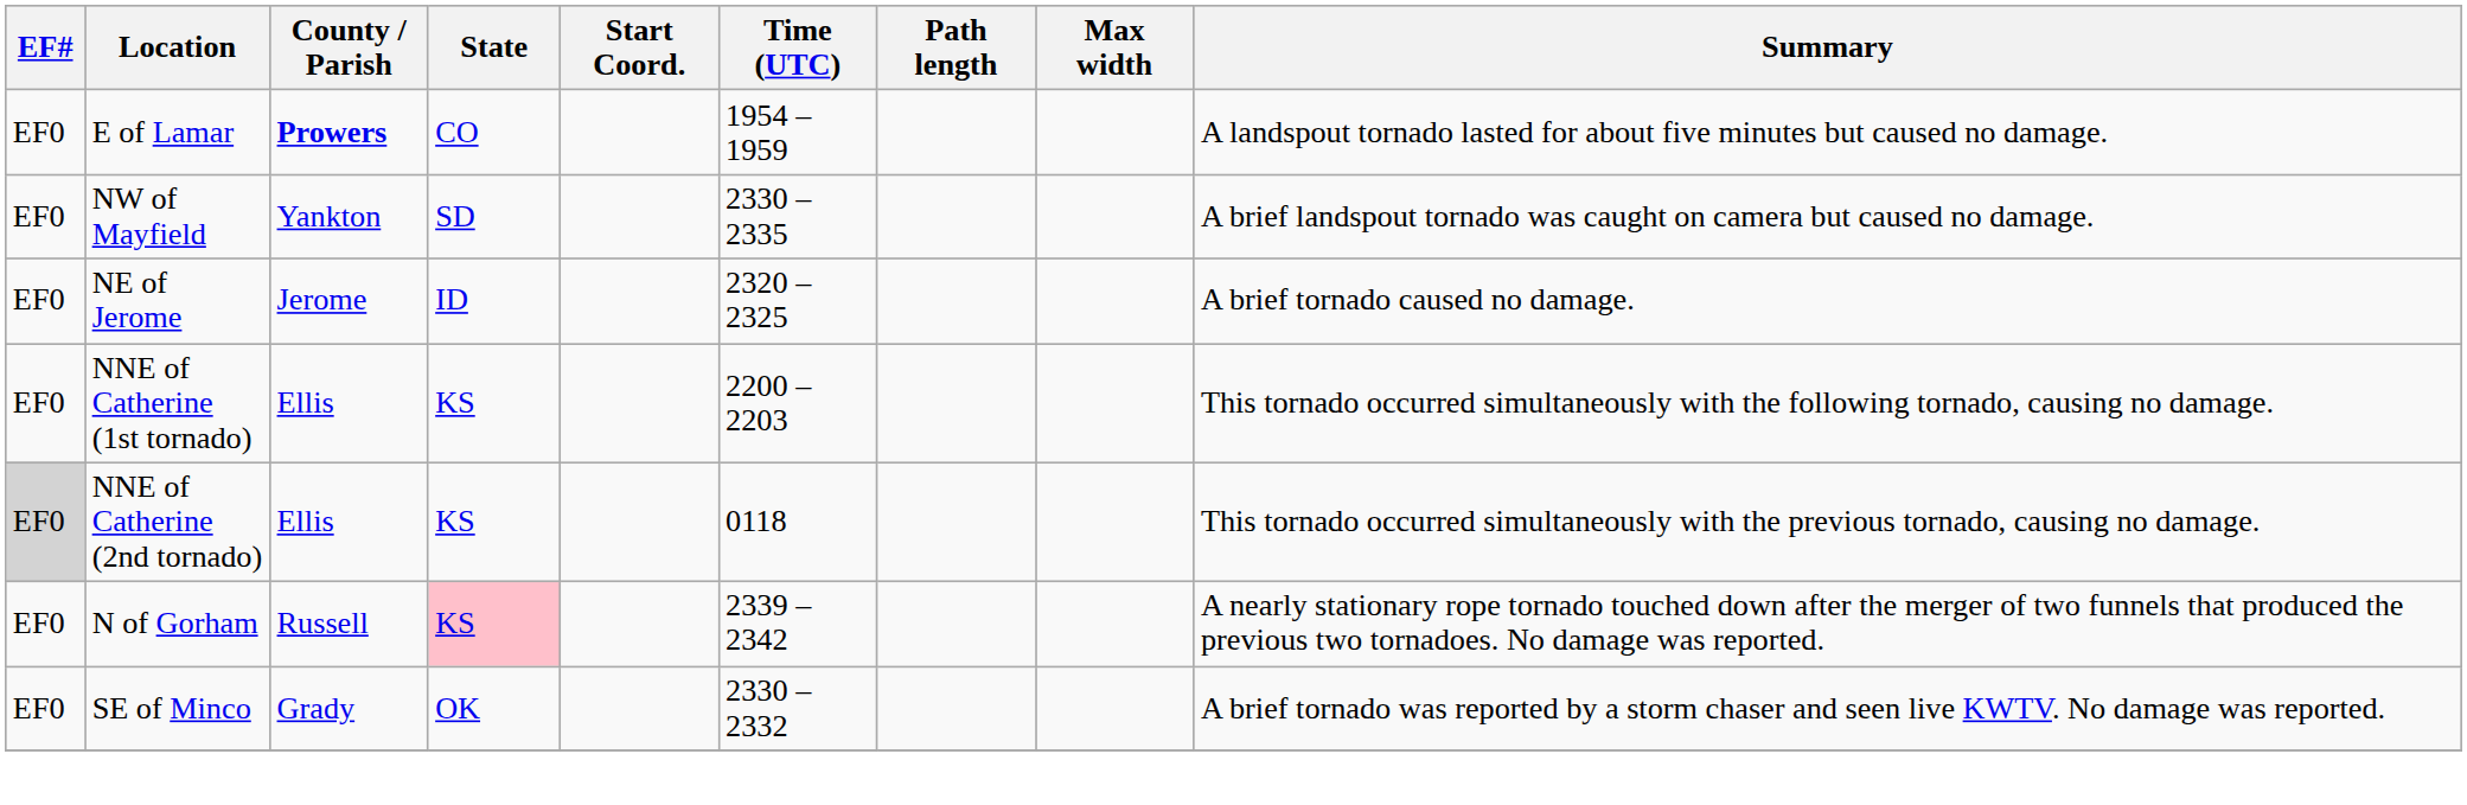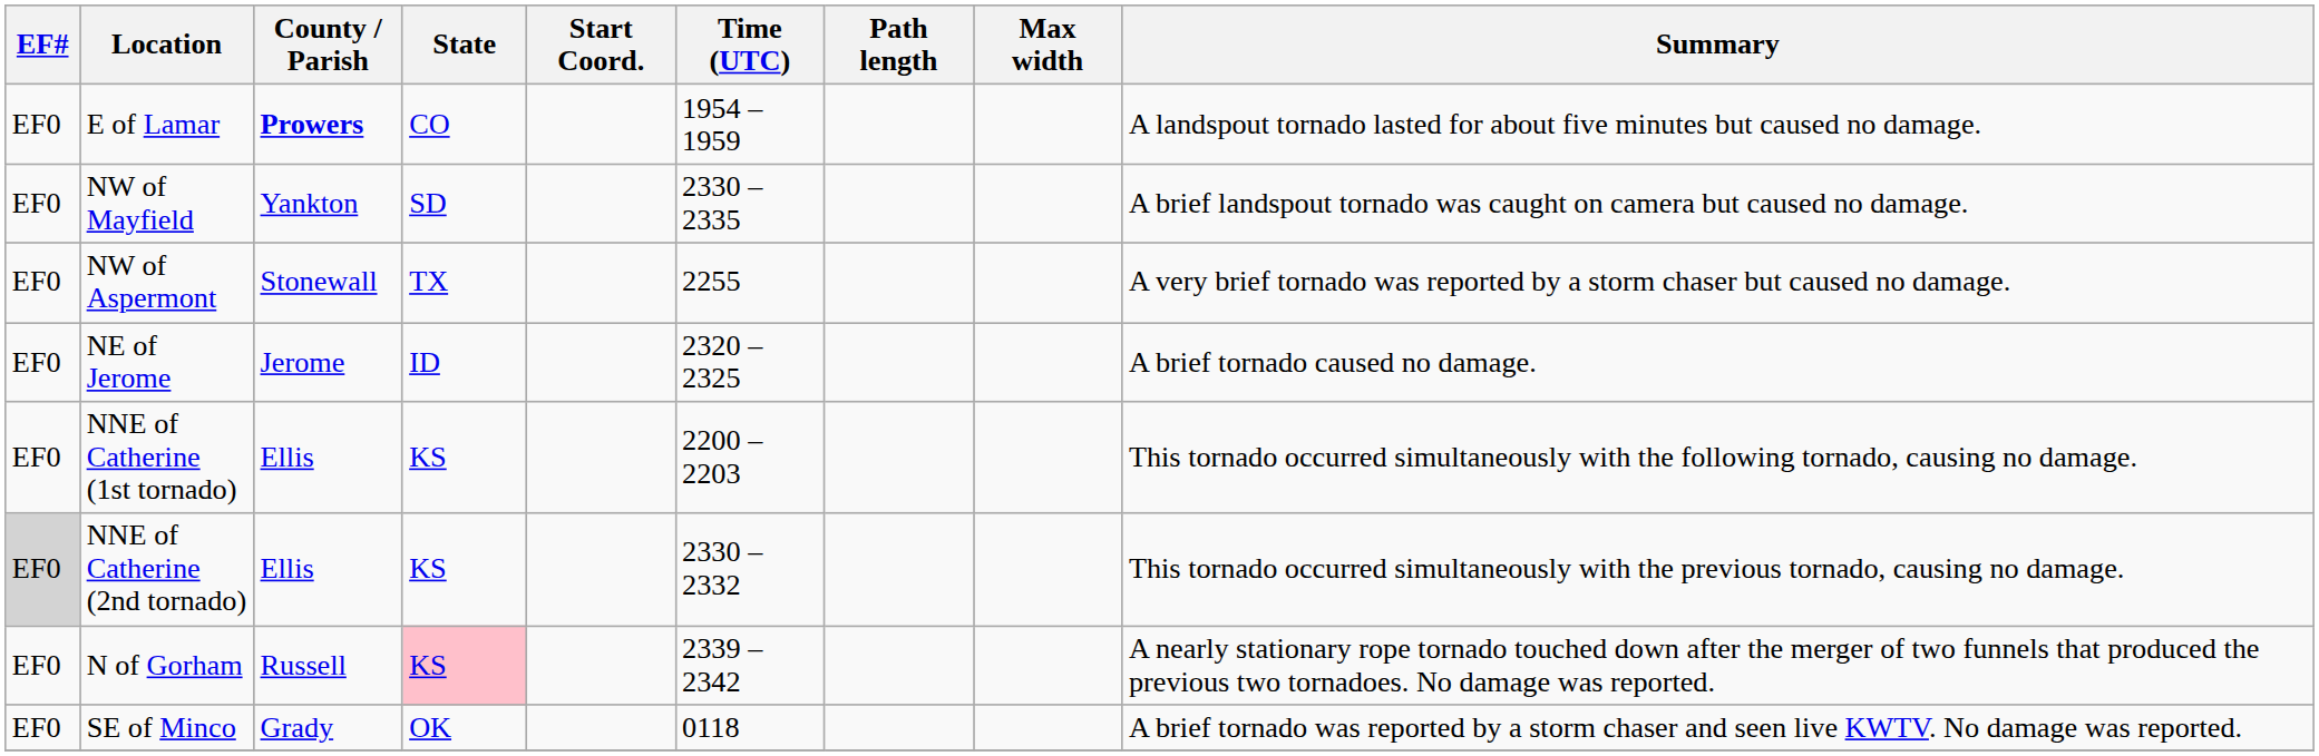 <table class="wikitable sortable" style="width:100%;">
 <tr>
 <th scope="col" width="3%" align="center"><a href='#'>EF#</a></th>
 <th scope="col" width="7%" align="center" class="unsortable">Location</th>
 <th scope="col" width="6%" align="center" class="unsortable">County / Parish</th>
 <th scope="col" width="5%" align="center">State</th>
 <th scope="col" width="6%" align="center">Start Coord.</th>
 <th scope="col" width="6%" align="center">Time (<a href='#'>UTC</a>)</th>
 <th scope="col" width="6%" align="center">Path length</th>
 <th scope="col" width="6%" align="center">Max width</th>
 <th scope="col" width="48%" class="unsortable" align="center">Summary</th>
 </tr>
 <tr>
 <td>EF0</td>
 <td>E of <a href='#'>Lamar</a></td>
 <td><strong><a href='#'>Prowers</a></strong></td>
 <td><a href='#'>CO</a></td>
 <td></td>
 <td>1954 – 1959</td>
 <td></td>
 <td></td>
 <td>A landspout tornado lasted for about five minutes but caused no damage.</td>
 </tr>
 <tr>
 <td>EF0</td>
 <td>NW of <a href='#'>Mayfield</a></td>
 <td><a href='#'>Yankton</a></td>
 <td><a href='#'>SD</a></td>
 <td></td>
 <td>2330 – 2335</td>
 <td></td>
 <td></td>
 <td>A brief landspout tornado was caught on camera but caused no damage.</td>
 </tr>
 <tr>
 <td>EF0</td>
+<td>NW of <a href='#'>Aspermont</a></td>
+<td><a href='#'>Stonewall</a></td>
+<td><a href='#'>TX</a></td>
+<td></td>
+<td>2255</td>
+<td></td>
+<td></td>
+<td>A very brief tornado was reported by a storm chaser but caused no damage.</td>
+</tr>
+<tr>
+<td>EF0</td>
 <td>NE of <a href='#'>Jerome</a></td>
 <td><a href='#'>Jerome</a></td>
 <td><a href='#'>ID</a></td>
 <td></td>
 <td>2320 – 2325</td>
 <td></td>
 <td></td>
 <td>A brief tornado caused no damage.</td>
 </tr>
 <tr>
 <td>EF0</td>
 <td>NNE of <a href='#'>Catherine</a> (1st tornado)</td>
 <td><a href='#'>Ellis</a></td>
 <td><a href='#'>KS</a></td>
 <td></td>
 <td>2200 – 2203</td>
 <td></td>
 <td></td>
 <td>This tornado occurred simultaneously with the following tornado, causing no damage.</td>
 </tr>
 <tr>
 <td style="background: lightgrey;">EF0</td>
 <td>NNE of <a href='#'>Catherine</a> (2nd tornado)</td>
 <td><a href='#'>Ellis</a></td>
 <td><a href='#'>KS</a></td>
 <td></td>
-<td>0118</td>
+<td>2330 – 2332</td>
 <td></td>
 <td></td>
 <td>This tornado occurred simultaneously with the previous tornado, causing no damage.</td>
 </tr>
 <tr>
 <td>EF0</td>
 <td>N of <a href='#'>Gorham</a></td>
 <td><a href='#'>Russell</a></td>
 <td style="background: pink;"><a href='#'>KS</a></td>
 <td></td>
 <td>2339 – 2342</td>
 <td></td>
 <td></td>
 <td>A nearly stationary rope tornado touched down after the merger of two funnels that produced the previous two tornadoes. No damage was reported.</td>
 </tr>
 <tr>
 <td>EF0</td>
 <td>SE of <a href='#'>Minco</a></td>
 <td><a href='#'>Grady</a></td>
 <td><a href='#'>OK</a></td>
 <td></td>
-<td>2330 – 2332</td>
+<td>0118</td>
 <td></td>
 <td></td>
 <td>A brief tornado was reported by a storm chaser and seen live <a href='#'>KWTV</a>. No damage was reported.</td>
 </tr>
 <tr>
 </tr>
 </table>
